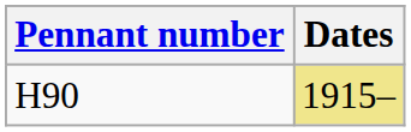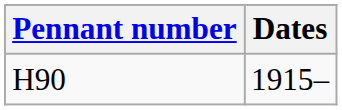 <table class="wikitable">
 <tr>
 <th><a href='#'>Pennant number</a></th>
 <th>Dates</th>
 </tr>
 <tr>
 <td>H90</td>
-<td style="background: khaki;">1915–</td>
+<td>1915–</td>
 </tr>
 </table>
